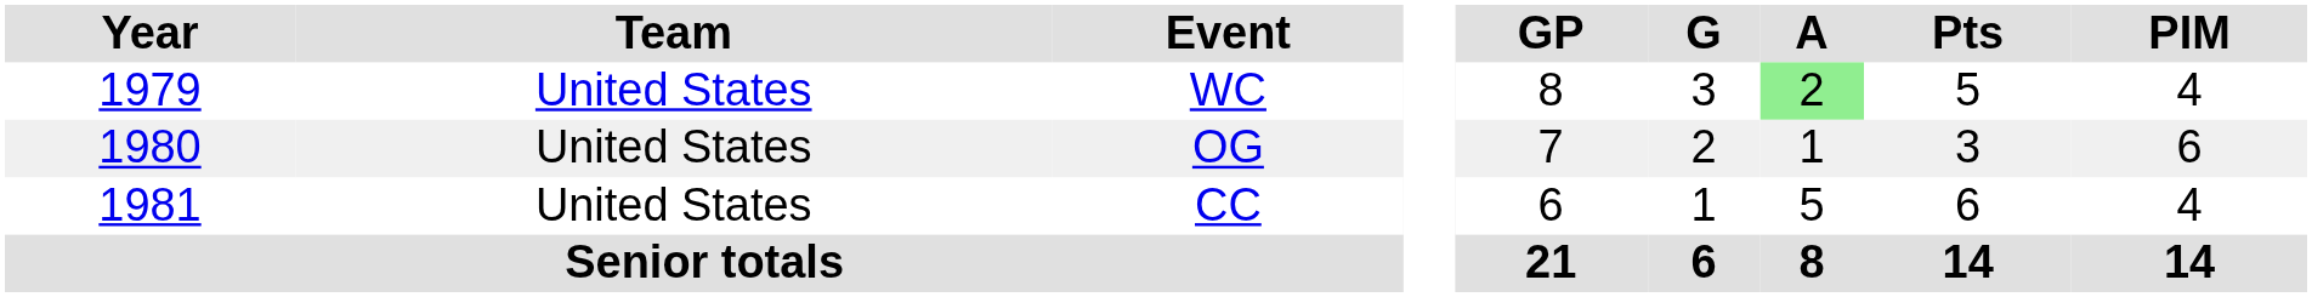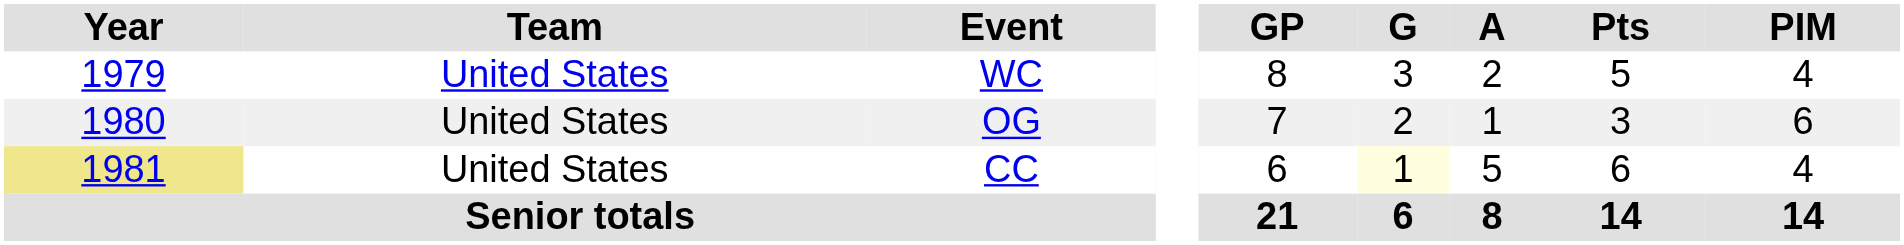 <table border="0" cellpadding="1" cellspacing="0" style="text-align:center; width:50em">
 <tr ALIGN="centre" bgcolor="#e0e0e0">
 <th>Year</th>
 <th>Team</th>
 <th>Event</th>
 <th rowspan="99" bgcolor="#ffffff"> </th>
 <th>GP</th>
 <th>G</th>
 <th>A</th>
 <th>Pts</th>
 <th>PIM</th>
 </tr>
 <tr>
 <td><a href='#'>1979</a></td>
 <td><a href='#'>United States</a></td>
 <td><a href='#'>WC</a></td>
 <td>8</td>
 <td>3</td>
-<td style="background: lightgreen;">2</td>
+<td>2</td>
 <td>5</td>
 <td>4</td>
 </tr>
 <tr bgcolor="#f0f0f0">
 <td><a href='#'>1980</a></td>
 <td>United States</td>
 <td><a href='#'>OG</a></td>
 <td>7</td>
 <td>2</td>
 <td>1</td>
 <td>3</td>
 <td>6</td>
 </tr>
 <tr>
-<td><a href='#'>1981</a></td>
+<td style="background: khaki;"><a href='#'>1981</a></td>
 <td>United States</td>
 <td><a href='#'>CC</a></td>
 <td>6</td>
-<td>1</td>
+<td style="background: lightyellow;">1</td>
 <td>5</td>
 <td>6</td>
 <td>4</td>
 </tr>
 <tr style="background:#e0e0e0;">
 <th colspan="3">Senior totals</th>
 <th>21</th>
 <th>6</th>
 <th>8</th>
 <th>14</th>
 <th>14</th>
 </tr>
 </table>
